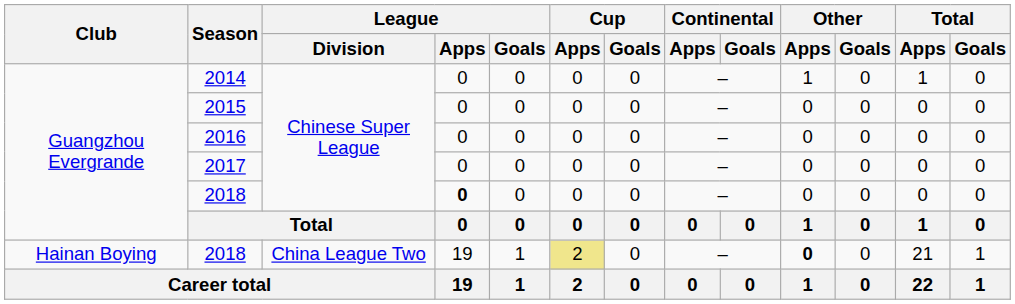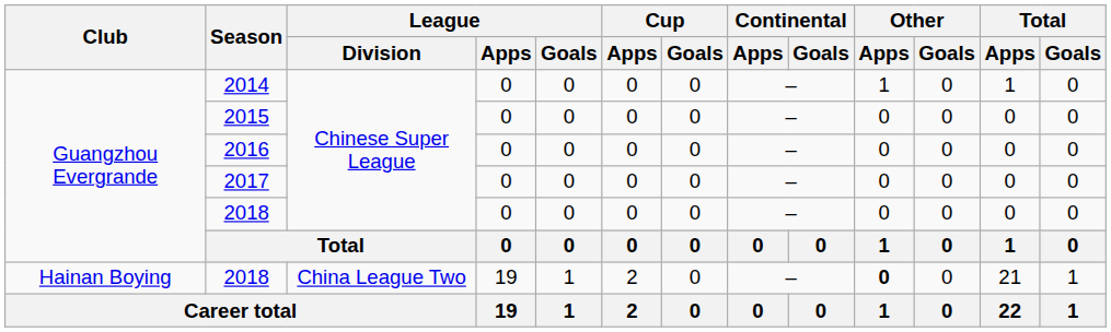 <table class="wikitable" style="text-align: center">
 <tr>
 <th rowspan="2">Club</th>
 <th rowspan="2">Season</th>
 <th colspan="3">League</th>
 <th colspan="2">Cup</th>
 <th colspan="2">Continental</th>
 <th colspan="2">Other</th>
 <th colspan="2">Total</th>
 </tr>
 <tr>
 <th>Division</th>
 <th>Apps</th>
 <th>Goals</th>
 <th>Apps</th>
 <th>Goals</th>
 <th>Apps</th>
 <th>Goals</th>
 <th>Apps</th>
 <th>Goals</th>
 <th>Apps</th>
 <th>Goals</th>
 </tr>
 <tr>
 <td rowspan="6"><a href='#'>Guangzhou Evergrande</a></td>
 <td><a href='#'>2014</a></td>
 <td rowspan="5"><a href='#'>Chinese Super League</a></td>
 <td>0</td>
 <td>0</td>
 <td>0</td>
 <td>0</td>
 <td colspan="2">–</td>
 <td>1</td>
 <td>0</td>
 <td>1</td>
 <td>0</td>
 </tr>
 <tr>
 <td><a href='#'>2015</a></td>
 <td>0</td>
 <td>0</td>
 <td>0</td>
 <td>0</td>
 <td colspan="2">–</td>
 <td>0</td>
 <td>0</td>
 <td>0</td>
 <td>0</td>
 </tr>
 <tr>
 <td><a href='#'>2016</a></td>
 <td>0</td>
 <td>0</td>
 <td>0</td>
 <td>0</td>
 <td colspan="2">–</td>
 <td>0</td>
 <td>0</td>
 <td>0</td>
 <td>0</td>
 </tr>
 <tr>
 <td><a href='#'>2017</a></td>
 <td>0</td>
 <td>0</td>
 <td>0</td>
 <td>0</td>
 <td colspan="2">–</td>
 <td>0</td>
 <td>0</td>
 <td>0</td>
 <td>0</td>
 </tr>
 <tr>
 <td><a href='#'>2018</a></td>
-<td><strong>0</strong></td>
+<td>0</td>
 <td>0</td>
 <td>0</td>
 <td>0</td>
 <td colspan="2">–</td>
 <td>0</td>
 <td>0</td>
 <td>0</td>
 <td>0</td>
 </tr>
 <tr>
 <th colspan=2>Total</th>
 <th>0</th>
 <th>0</th>
 <th>0</th>
 <th>0</th>
 <th>0</th>
 <th>0</th>
 <th>1</th>
 <th>0</th>
 <th>1</th>
 <th>0</th>
 </tr>
 <tr>
 <td><a href='#'>Hainan Boying</a></td>
 <td><a href='#'>2018</a></td>
 <td><a href='#'>China League Two</a></td>
 <td>19</td>
 <td>1</td>
-<td style="background: khaki;">2</td>
+<td>2</td>
 <td>0</td>
 <td colspan="2">–</td>
 <td><strong>0</strong></td>
 <td>0</td>
 <td>21</td>
 <td>1</td>
 </tr>
 <tr>
 <th colspan=3>Career total</th>
 <th>19</th>
 <th>1</th>
 <th>2</th>
 <th>0</th>
 <th>0</th>
 <th>0</th>
 <th>1</th>
 <th>0</th>
 <th>22</th>
 <th>1</th>
 </tr>
 </table>
